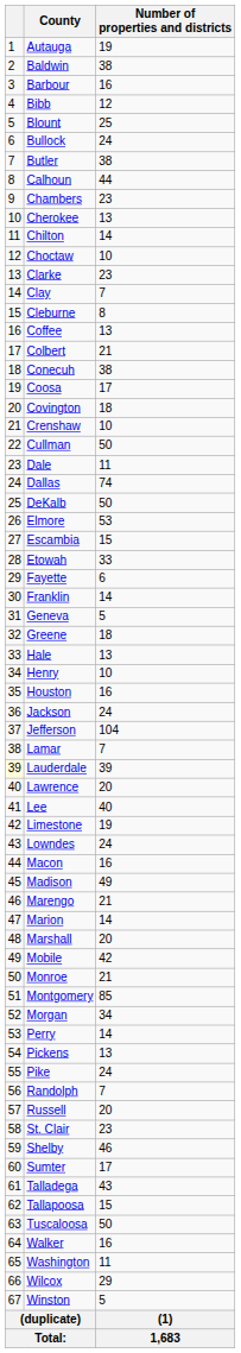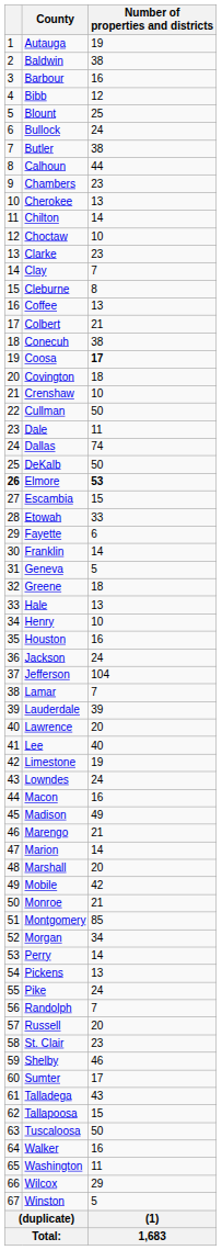 <table class="wikitable sortable">
 <tr>
 <th></th>
 <th><strong>County</strong></th>
 <th><strong>Number of<br>properties and districts</strong></th>
 </tr>
 <tr>
 <td>1</td>
 <td><a href='#'>Autauga</a></td>
 <td>19</td>
 </tr>
 <tr>
 <td>2</td>
 <td><a href='#'>Baldwin</a></td>
 <td>38</td>
 </tr>
 <tr>
 <td>3</td>
 <td><a href='#'>Barbour</a></td>
 <td>16</td>
 </tr>
 <tr>
 <td>4</td>
 <td><a href='#'>Bibb</a></td>
 <td>12</td>
 </tr>
 <tr>
 <td>5</td>
 <td><a href='#'>Blount</a></td>
 <td>25</td>
 </tr>
 <tr>
 <td>6</td>
 <td><a href='#'>Bullock</a></td>
 <td>24</td>
 </tr>
 <tr>
 <td>7</td>
 <td><a href='#'>Butler</a></td>
 <td>38</td>
 </tr>
 <tr>
 <td>8</td>
 <td><a href='#'>Calhoun</a></td>
 <td>44</td>
 </tr>
 <tr>
 <td>9</td>
 <td><a href='#'>Chambers</a></td>
 <td>23</td>
 </tr>
 <tr>
 <td>10</td>
 <td><a href='#'>Cherokee</a></td>
 <td>13</td>
 </tr>
 <tr>
 <td>11</td>
 <td><a href='#'>Chilton</a></td>
 <td>14</td>
 </tr>
 <tr>
 <td>12</td>
 <td><a href='#'>Choctaw</a></td>
 <td>10</td>
 </tr>
 <tr>
 <td>13</td>
 <td><a href='#'>Clarke</a></td>
 <td>23</td>
 </tr>
 <tr>
 <td>14</td>
 <td><a href='#'>Clay</a></td>
 <td>7</td>
 </tr>
 <tr>
 <td>15</td>
 <td><a href='#'>Cleburne</a></td>
 <td>8</td>
 </tr>
 <tr>
 <td>16</td>
 <td><a href='#'>Coffee</a></td>
 <td>13</td>
 </tr>
 <tr>
 <td>17</td>
 <td><a href='#'>Colbert</a></td>
 <td>21</td>
 </tr>
 <tr>
 <td>18</td>
 <td><a href='#'>Conecuh</a></td>
 <td>38</td>
 </tr>
 <tr>
 <td>19</td>
 <td><a href='#'>Coosa</a></td>
-<td>17</td>
+<td><strong>17</strong></td>
 </tr>
 <tr>
 <td>20</td>
 <td><a href='#'>Covington</a></td>
 <td>18</td>
 </tr>
 <tr>
 <td>21</td>
 <td><a href='#'>Crenshaw</a></td>
 <td>10</td>
 </tr>
 <tr>
 <td>22</td>
 <td><a href='#'>Cullman</a></td>
 <td>50</td>
 </tr>
 <tr>
 <td>23</td>
 <td><a href='#'>Dale</a></td>
 <td>11</td>
 </tr>
 <tr>
 <td>24</td>
 <td><a href='#'>Dallas</a></td>
 <td>74</td>
 </tr>
 <tr>
 <td>25</td>
 <td><a href='#'>DeKalb</a></td>
 <td>50</td>
 </tr>
 <tr>
-<td>26</td>
+<td><strong>26</strong></td>
 <td><a href='#'>Elmore</a></td>
-<td>53</td>
+<td><strong>53</strong></td>
 </tr>
 <tr>
 <td>27</td>
 <td><a href='#'>Escambia</a></td>
 <td>15</td>
 </tr>
 <tr>
 <td>28</td>
 <td><a href='#'>Etowah</a></td>
 <td>33</td>
 </tr>
 <tr>
 <td>29</td>
 <td><a href='#'>Fayette</a></td>
 <td>6</td>
 </tr>
 <tr>
 <td>30</td>
 <td><a href='#'>Franklin</a></td>
 <td>14</td>
 </tr>
 <tr>
 <td>31</td>
 <td><a href='#'>Geneva</a></td>
 <td>5</td>
 </tr>
 <tr>
 <td>32</td>
 <td><a href='#'>Greene</a></td>
 <td>18</td>
 </tr>
 <tr>
 <td>33</td>
 <td><a href='#'>Hale</a></td>
 <td>13</td>
 </tr>
 <tr>
 <td>34</td>
 <td><a href='#'>Henry</a></td>
 <td>10</td>
 </tr>
 <tr>
 <td>35</td>
 <td><a href='#'>Houston</a></td>
 <td>16</td>
 </tr>
 <tr>
 <td>36</td>
 <td><a href='#'>Jackson</a></td>
 <td>24</td>
 </tr>
 <tr>
 <td>37</td>
 <td><a href='#'>Jefferson</a></td>
 <td>104</td>
 </tr>
 <tr>
 <td>38</td>
 <td><a href='#'>Lamar</a></td>
 <td>7</td>
 </tr>
 <tr>
-<td style="background: lightyellow;">39</td>
+<td>39</td>
 <td><a href='#'>Lauderdale</a></td>
 <td>39</td>
 </tr>
 <tr>
 <td>40</td>
 <td><a href='#'>Lawrence</a></td>
 <td>20</td>
 </tr>
 <tr>
 <td>41</td>
 <td><a href='#'>Lee</a></td>
 <td>40</td>
 </tr>
 <tr>
 <td>42</td>
 <td><a href='#'>Limestone</a></td>
 <td>19</td>
 </tr>
 <tr>
 <td>43</td>
 <td><a href='#'>Lowndes</a></td>
 <td>24</td>
 </tr>
 <tr>
 <td>44</td>
 <td><a href='#'>Macon</a></td>
 <td>16</td>
 </tr>
 <tr>
 <td>45</td>
 <td><a href='#'>Madison</a></td>
 <td>49</td>
 </tr>
 <tr>
 <td>46</td>
 <td><a href='#'>Marengo</a></td>
 <td>21</td>
 </tr>
 <tr>
 <td>47</td>
 <td><a href='#'>Marion</a></td>
 <td>14</td>
 </tr>
 <tr>
 <td>48</td>
 <td><a href='#'>Marshall</a></td>
 <td>20</td>
 </tr>
 <tr>
 <td>49</td>
 <td><a href='#'>Mobile</a></td>
 <td>42</td>
 </tr>
 <tr>
 <td>50</td>
 <td><a href='#'>Monroe</a></td>
 <td>21</td>
 </tr>
 <tr>
 <td>51</td>
 <td><a href='#'>Montgomery</a></td>
 <td>85</td>
 </tr>
 <tr>
 <td>52</td>
 <td><a href='#'>Morgan</a></td>
 <td>34</td>
 </tr>
 <tr>
 <td>53</td>
 <td><a href='#'>Perry</a></td>
 <td>14</td>
 </tr>
 <tr>
 <td>54</td>
 <td><a href='#'>Pickens</a></td>
 <td>13</td>
 </tr>
 <tr>
 <td>55</td>
 <td><a href='#'>Pike</a></td>
 <td>24</td>
 </tr>
 <tr>
 <td>56</td>
 <td><a href='#'>Randolph</a></td>
 <td>7</td>
 </tr>
 <tr>
 <td>57</td>
 <td><a href='#'>Russell</a></td>
 <td>20</td>
 </tr>
 <tr>
 <td>58</td>
 <td><a href='#'>St. Clair</a></td>
 <td>23</td>
 </tr>
 <tr>
 <td>59</td>
 <td><a href='#'>Shelby</a></td>
 <td>46</td>
 </tr>
 <tr>
 <td>60</td>
 <td><a href='#'>Sumter</a></td>
 <td>17</td>
 </tr>
 <tr>
 <td>61</td>
 <td><a href='#'>Talladega</a></td>
 <td>43</td>
 </tr>
 <tr>
 <td>62</td>
 <td><a href='#'>Tallapoosa</a></td>
 <td>15</td>
 </tr>
 <tr>
 <td>63</td>
 <td><a href='#'>Tuscaloosa</a></td>
 <td>50</td>
 </tr>
 <tr>
 <td>64</td>
 <td><a href='#'>Walker</a></td>
 <td>16</td>
 </tr>
 <tr>
 <td>65</td>
 <td><a href='#'>Washington</a></td>
 <td>11</td>
 </tr>
 <tr>
 <td>66</td>
 <td><a href='#'>Wilcox</a></td>
 <td>29</td>
 </tr>
 <tr>
 <td>67</td>
 <td><a href='#'>Winston</a></td>
 <td>5</td>
 </tr>
 <tr class="sortbottom">
 <th colspan="2">(duplicate)</th>
 <th>(1)</th>
 </tr>
 <tr class="sortbottom">
 <th colspan="2">Total:</th>
 <th>1,683</th>
 </tr>
 </table>
